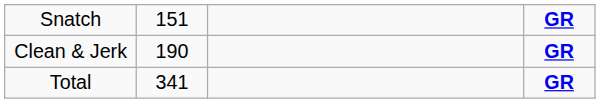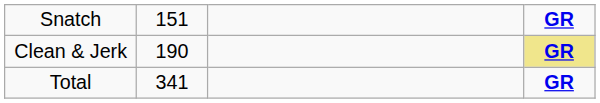 <table class = "wikitable" style="text-align:center;">
 <tr>
 <td width=100>Snatch</td>
 <td width=50>151</td>
 <td width=250 align=left></td>
 <td width=50><strong><a href='#'>GR</a></strong></td>
 </tr>
 <tr>
 <td>Clean & Jerk</td>
 <td>190</td>
 <td align=left></td>
-<td><strong><a href='#'>GR</a></strong></td>
+<td style="background: khaki;"><strong><a href='#'>GR</a></strong></td>
 </tr>
 <tr>
 <td>Total</td>
 <td>341</td>
 <td align=left></td>
 <td><strong><a href='#'>GR</a></strong></td>
 </tr>
 </table>
